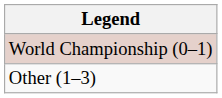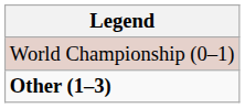 <table class="wikitable">
 <tr>
 <th>Legend</th>
 </tr>
 <tr bgcolor="#e5d1cb">
 <td>World Championship (0–1)</td>
 </tr>
 <tr bgcolor=>
-<td>Other (1–3)</td>
+<td><strong>Other (1–3)</strong></td>
 </tr>
 </table>
